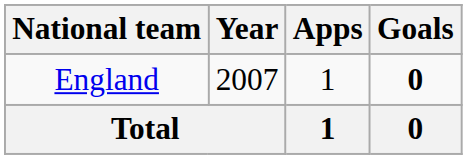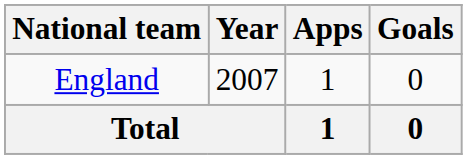 <table class=wikitable style=text-align:center>
 <tr>
 <th>National team</th>
 <th>Year</th>
 <th>Apps</th>
 <th>Goals</th>
 </tr>
 <tr>
 <td><a href='#'>England</a></td>
 <td>2007</td>
 <td>1</td>
-<td><strong>0</strong></td>
+<td>0</td>
 </tr>
 <tr>
 <th colspan=2>Total</th>
 <th>1</th>
 <th>0</th>
 </tr>
 </table>
